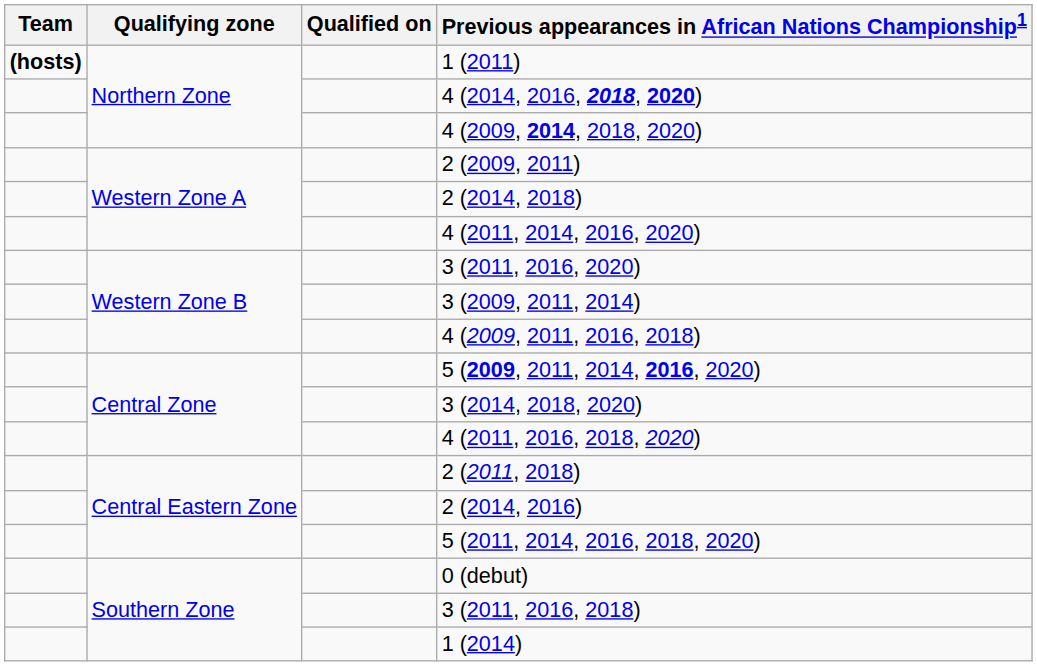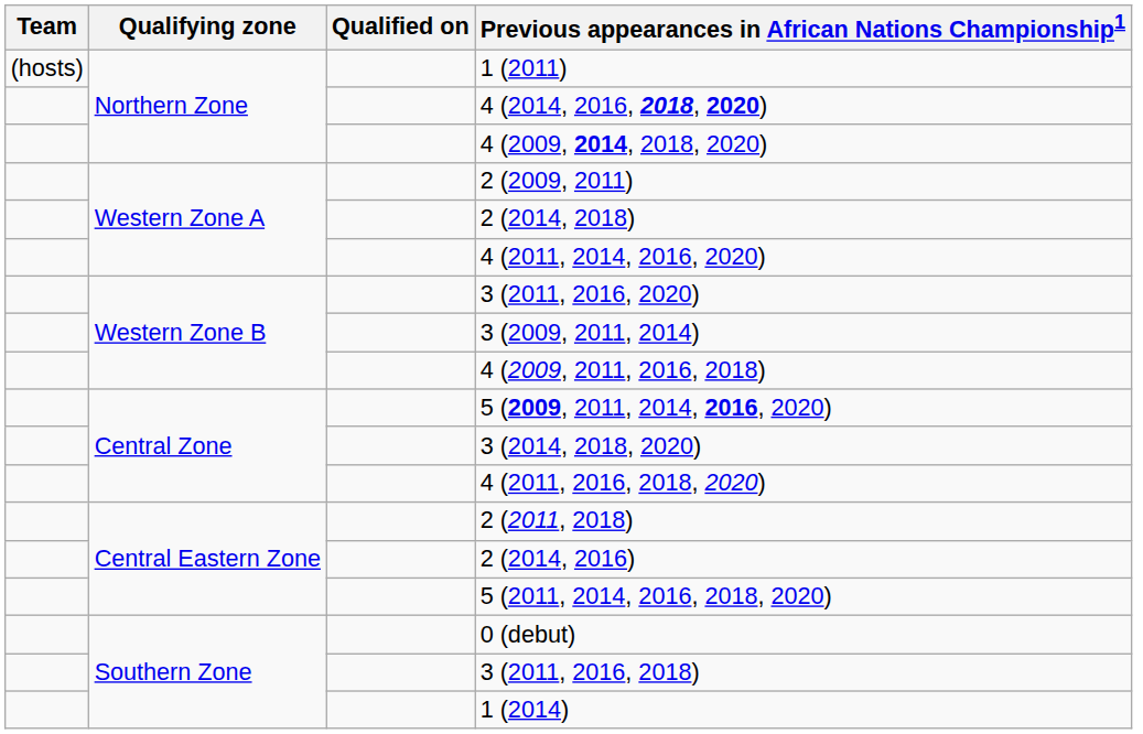 <table class="wikitable sortable" style="text-align: left;">
 <tr>
 <th>Team</th>
 <th>Qualifying zone</th>
 <th>Qualified on</th>
 <th data-sort-type="number">Previous appearances in <a href='#'>African Nations Championship</a><sup><strong><a href='#'>1</a></strong></sup></th>
 </tr>
 <tr>
-<td><strong> (hosts)</strong></td>
+<td> (hosts)</td>
 <td rowspan=3><a href='#'>Northern Zone</a></td>
 <td></td>
 <td>1 (<a href='#'>2011</a>)</td>
 </tr>
 <tr>
 <td></td>
 <td></td>
 <td>4 (<a href='#'>2014</a>, <a href='#'>2016</a>, <strong><em><a href='#'>2018</a></em></strong>, <strong><a href='#'>2020</a></strong>)</td>
 </tr>
 <tr>
 <td></td>
 <td></td>
 <td>4 (<a href='#'>2009</a>, <strong><a href='#'>2014</a></strong>, <a href='#'>2018</a>, <a href='#'>2020</a>)</td>
 </tr>
 <tr>
 <td></td>
 <td rowspan='3'><a href='#'>Western Zone A</a></td>
 <td></td>
 <td>2 (<a href='#'>2009</a>, <a href='#'>2011</a>)</td>
 </tr>
 <tr>
 <td></td>
 <td></td>
 <td>2 (<a href='#'>2014</a>, <a href='#'>2018</a>)</td>
 </tr>
 <tr>
 <td></td>
 <td></td>
 <td>4 (<a href='#'>2011</a>, <a href='#'>2014</a>, <a href='#'>2016</a>, <a href='#'>2020</a>)</td>
 </tr>
 <tr>
 <td></td>
 <td rowspan='3'><a href='#'>Western Zone B</a></td>
 <td></td>
 <td>3 (<a href='#'>2011</a>, <a href='#'>2016</a>, <a href='#'>2020</a>)</td>
 </tr>
 <tr>
 <td></td>
 <td></td>
 <td>3 (<a href='#'>2009</a>, <a href='#'>2011</a>, <a href='#'>2014</a>)</td>
 </tr>
 <tr>
 <td></td>
 <td></td>
 <td>4 (<em><a href='#'>2009</a></em>, <a href='#'>2011</a>, <a href='#'>2016</a>, <a href='#'>2018</a>)</td>
 </tr>
 <tr>
 <td></td>
 <td rowspan='3'><a href='#'>Central Zone</a></td>
 <td></td>
 <td>5 (<strong><a href='#'>2009</a></strong>, <a href='#'>2011</a>, <a href='#'>2014</a>, <strong><a href='#'>2016</a></strong>, <a href='#'>2020</a>)</td>
 </tr>
 <tr>
 <td></td>
 <td></td>
 <td>3 (<a href='#'>2014</a>, <a href='#'>2018</a>, <a href='#'>2020</a>)</td>
 </tr>
 <tr>
 <td></td>
 <td></td>
 <td>4 (<a href='#'>2011</a>, <a href='#'>2016</a>, <a href='#'>2018</a>, <em><a href='#'>2020</a></em>)</td>
 </tr>
 <tr>
 <td></td>
 <td rowspan='3'><a href='#'>Central Eastern Zone</a></td>
 <td></td>
 <td>2 (<a href='#'><em>2011</em></a>, <a href='#'>2018</a>)</td>
 </tr>
 <tr>
 <td></td>
 <td></td>
 <td>2 (<a href='#'>2014</a>, <a href='#'>2016</a>)</td>
 </tr>
 <tr>
 <td></td>
 <td></td>
 <td>5 (<a href='#'>2011</a>, <a href='#'>2014</a>, <a href='#'>2016</a>, <a href='#'>2018</a>, <a href='#'>2020</a>)</td>
 </tr>
 <tr>
 <td></td>
 <td rowspan='3'><a href='#'>Southern Zone</a></td>
 <td></td>
 <td>0 (debut)</td>
 </tr>
 <tr>
 <td></td>
 <td></td>
 <td>3 (<a href='#'>2011</a>, <a href='#'>2016</a>, <a href='#'>2018</a>)</td>
 </tr>
 <tr>
 <td></td>
 <td></td>
 <td>1 (<a href='#'>2014</a>)</td>
 </tr>
 </table>
